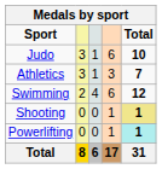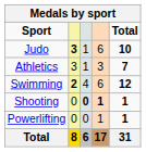 <table class="wikitable" style="font-size:85%">
 <tr style="background:#efefef;">
 <th colspan=5><strong>Medals by sport</strong></th>
 </tr>
 <tr align=center>
 <td><strong>Sport</strong></td>
 <td bgcolor=#f7f6a8></td>
 <td bgcolor=#dce5e5></td>
 <td bgcolor=#ffdab9></td>
 <td><strong>Total</strong></td>
 </tr>
 <tr align=center>
 <td><a href='#'>Judo</a></td>
-<td style="background:#F7F6A8;">3</td>
+<td style="background:#F7F6A8;"><strong>3</strong></td>
 <td style="background:#DCE5E5;">1</td>
 <td style="background:#FFDAB9;">6</td>
 <td><strong>10</strong></td>
 </tr>
 <tr align=center>
 <td><a href='#'>Athletics</a></td>
 <td style="background:#F7F6A8;">3</td>
 <td style="background:#DCE5E5;">1</td>
 <td style="background:#FFDAB9;">3</td>
 <td><strong>7</strong></td>
 </tr>
 <tr align=center>
 <td><a href='#'>Swimming</a></td>
-<td style="background:#F7F6A8;">2</td>
+<td style="background:#F7F6A8;"><strong>2</strong></td>
 <td style="background:#DCE5E5;">4</td>
 <td style="background:#FFDAB9;">6</td>
 <td><strong>12</strong></td>
 </tr>
 <tr align=center>
 <td><a href='#'>Shooting</a></td>
 <td style="background:#F7F6A8;">0</td>
-<td style="background:#DCE5E5;">0</td>
-<td style="background:#FFDAB9;">1</td>
-<td style="background: khaki;"><strong>1</strong></td>
+<td style="background:#DCE5E5;"><strong>0</strong></td>
+<td style="background:#FFDAB9;"><strong>1</strong></td>
+<td><strong>1</strong></td>
 </tr>
 <tr align=center>
 <td><a href='#'>Powerlifting</a></td>
 <td style="background:#F7F6A8;">0</td>
 <td style="background:#DCE5E5;">0</td>
 <td style="background:#FFDAB9;">1</td>
-<td style="background: paleturquoise;"><strong>1</strong></td>
+<td><strong>1</strong></td>
 </tr>
 <tr align=center>
 <th><strong>Total</strong></th>
 <th style="background:gold;"><strong>8</strong></th>
 <th style="background:silver;"><strong>6</strong></th>
 <th style="background:#c96;"><strong>17</strong></th>
 <th><strong>31</strong></th>
 </tr>
 </table>
